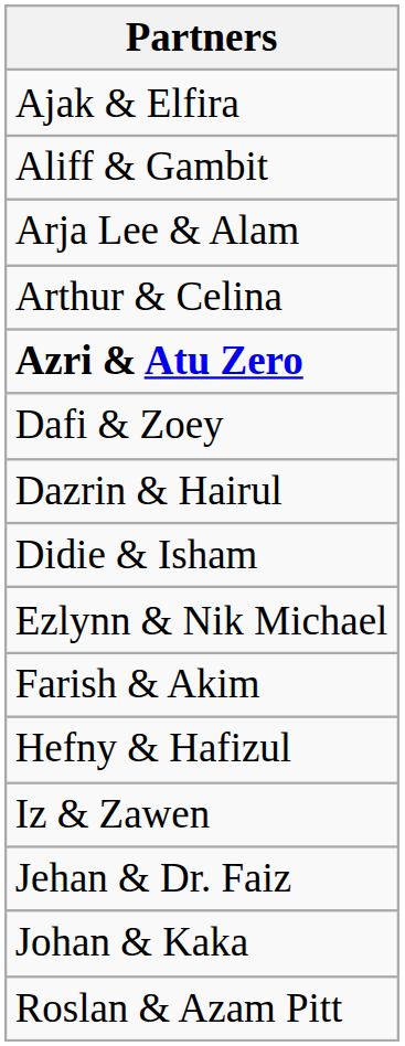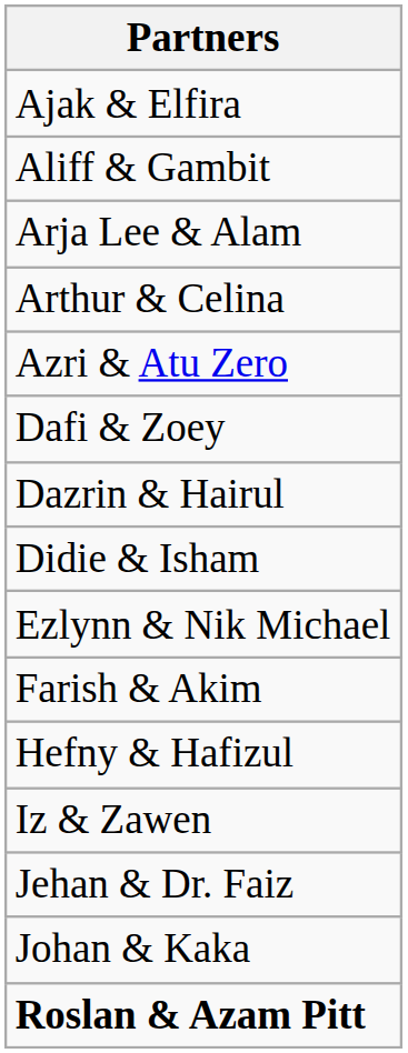 <table class="wikitable">
 <tr>
 <th>Partners</th>
 </tr>
 <tr>
 <td>Ajak & Elfira</td>
 </tr>
 <tr>
 <td>Aliff & Gambit</td>
 </tr>
 <tr>
 <td>Arja Lee & Alam</td>
 </tr>
 <tr>
 <td>Arthur & Celina</td>
 </tr>
 <tr>
-<td><strong>Azri & <a href='#'>Atu Zero</a></strong></td>
+<td>Azri & <a href='#'>Atu Zero</a></td>
 </tr>
 <tr>
 <td>Dafi & Zoey</td>
 </tr>
 <tr>
 <td>Dazrin & Hairul</td>
 </tr>
 <tr>
 <td>Didie & Isham</td>
 </tr>
 <tr>
 <td>Ezlynn & Nik Michael</td>
 </tr>
 <tr>
 <td>Farish & Akim</td>
 </tr>
 <tr>
 <td>Hefny & Hafizul</td>
 </tr>
 <tr>
 <td>Iz & Zawen</td>
 </tr>
 <tr>
 <td>Jehan & Dr. Faiz</td>
 </tr>
 <tr>
 <td>Johan & Kaka</td>
 </tr>
 <tr>
-<td>Roslan & Azam Pitt</td>
+<td><strong>Roslan & Azam Pitt</strong></td>
 </tr>
 </table>
